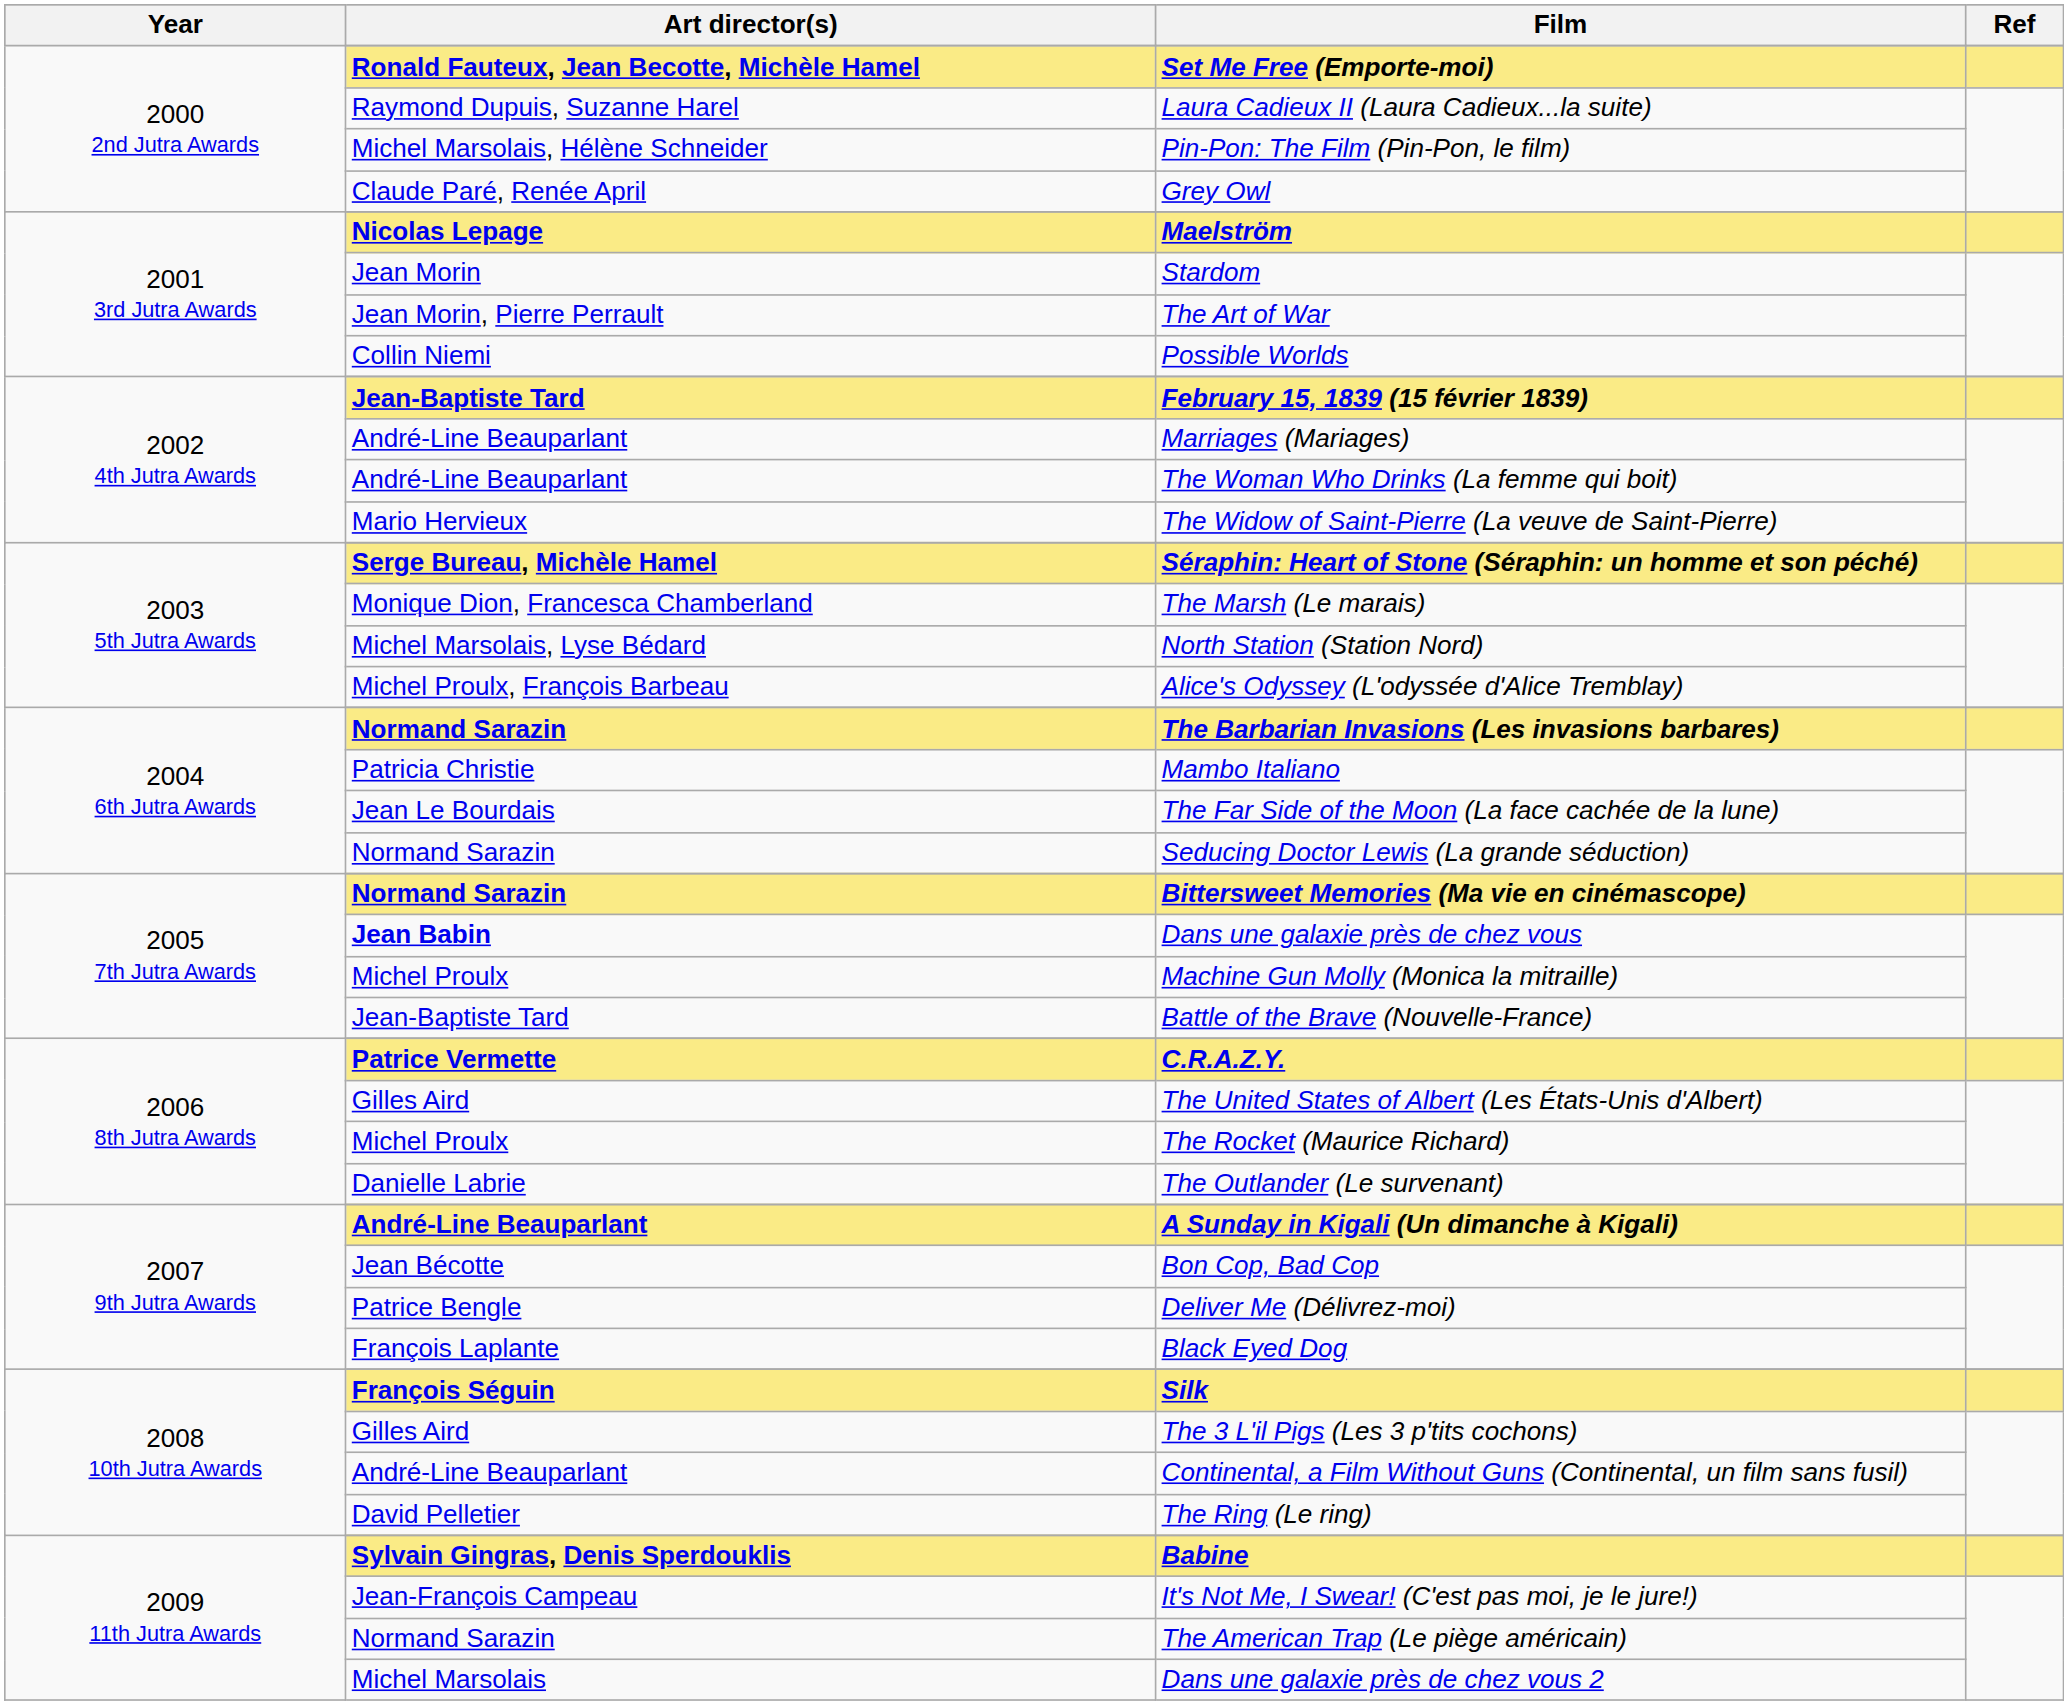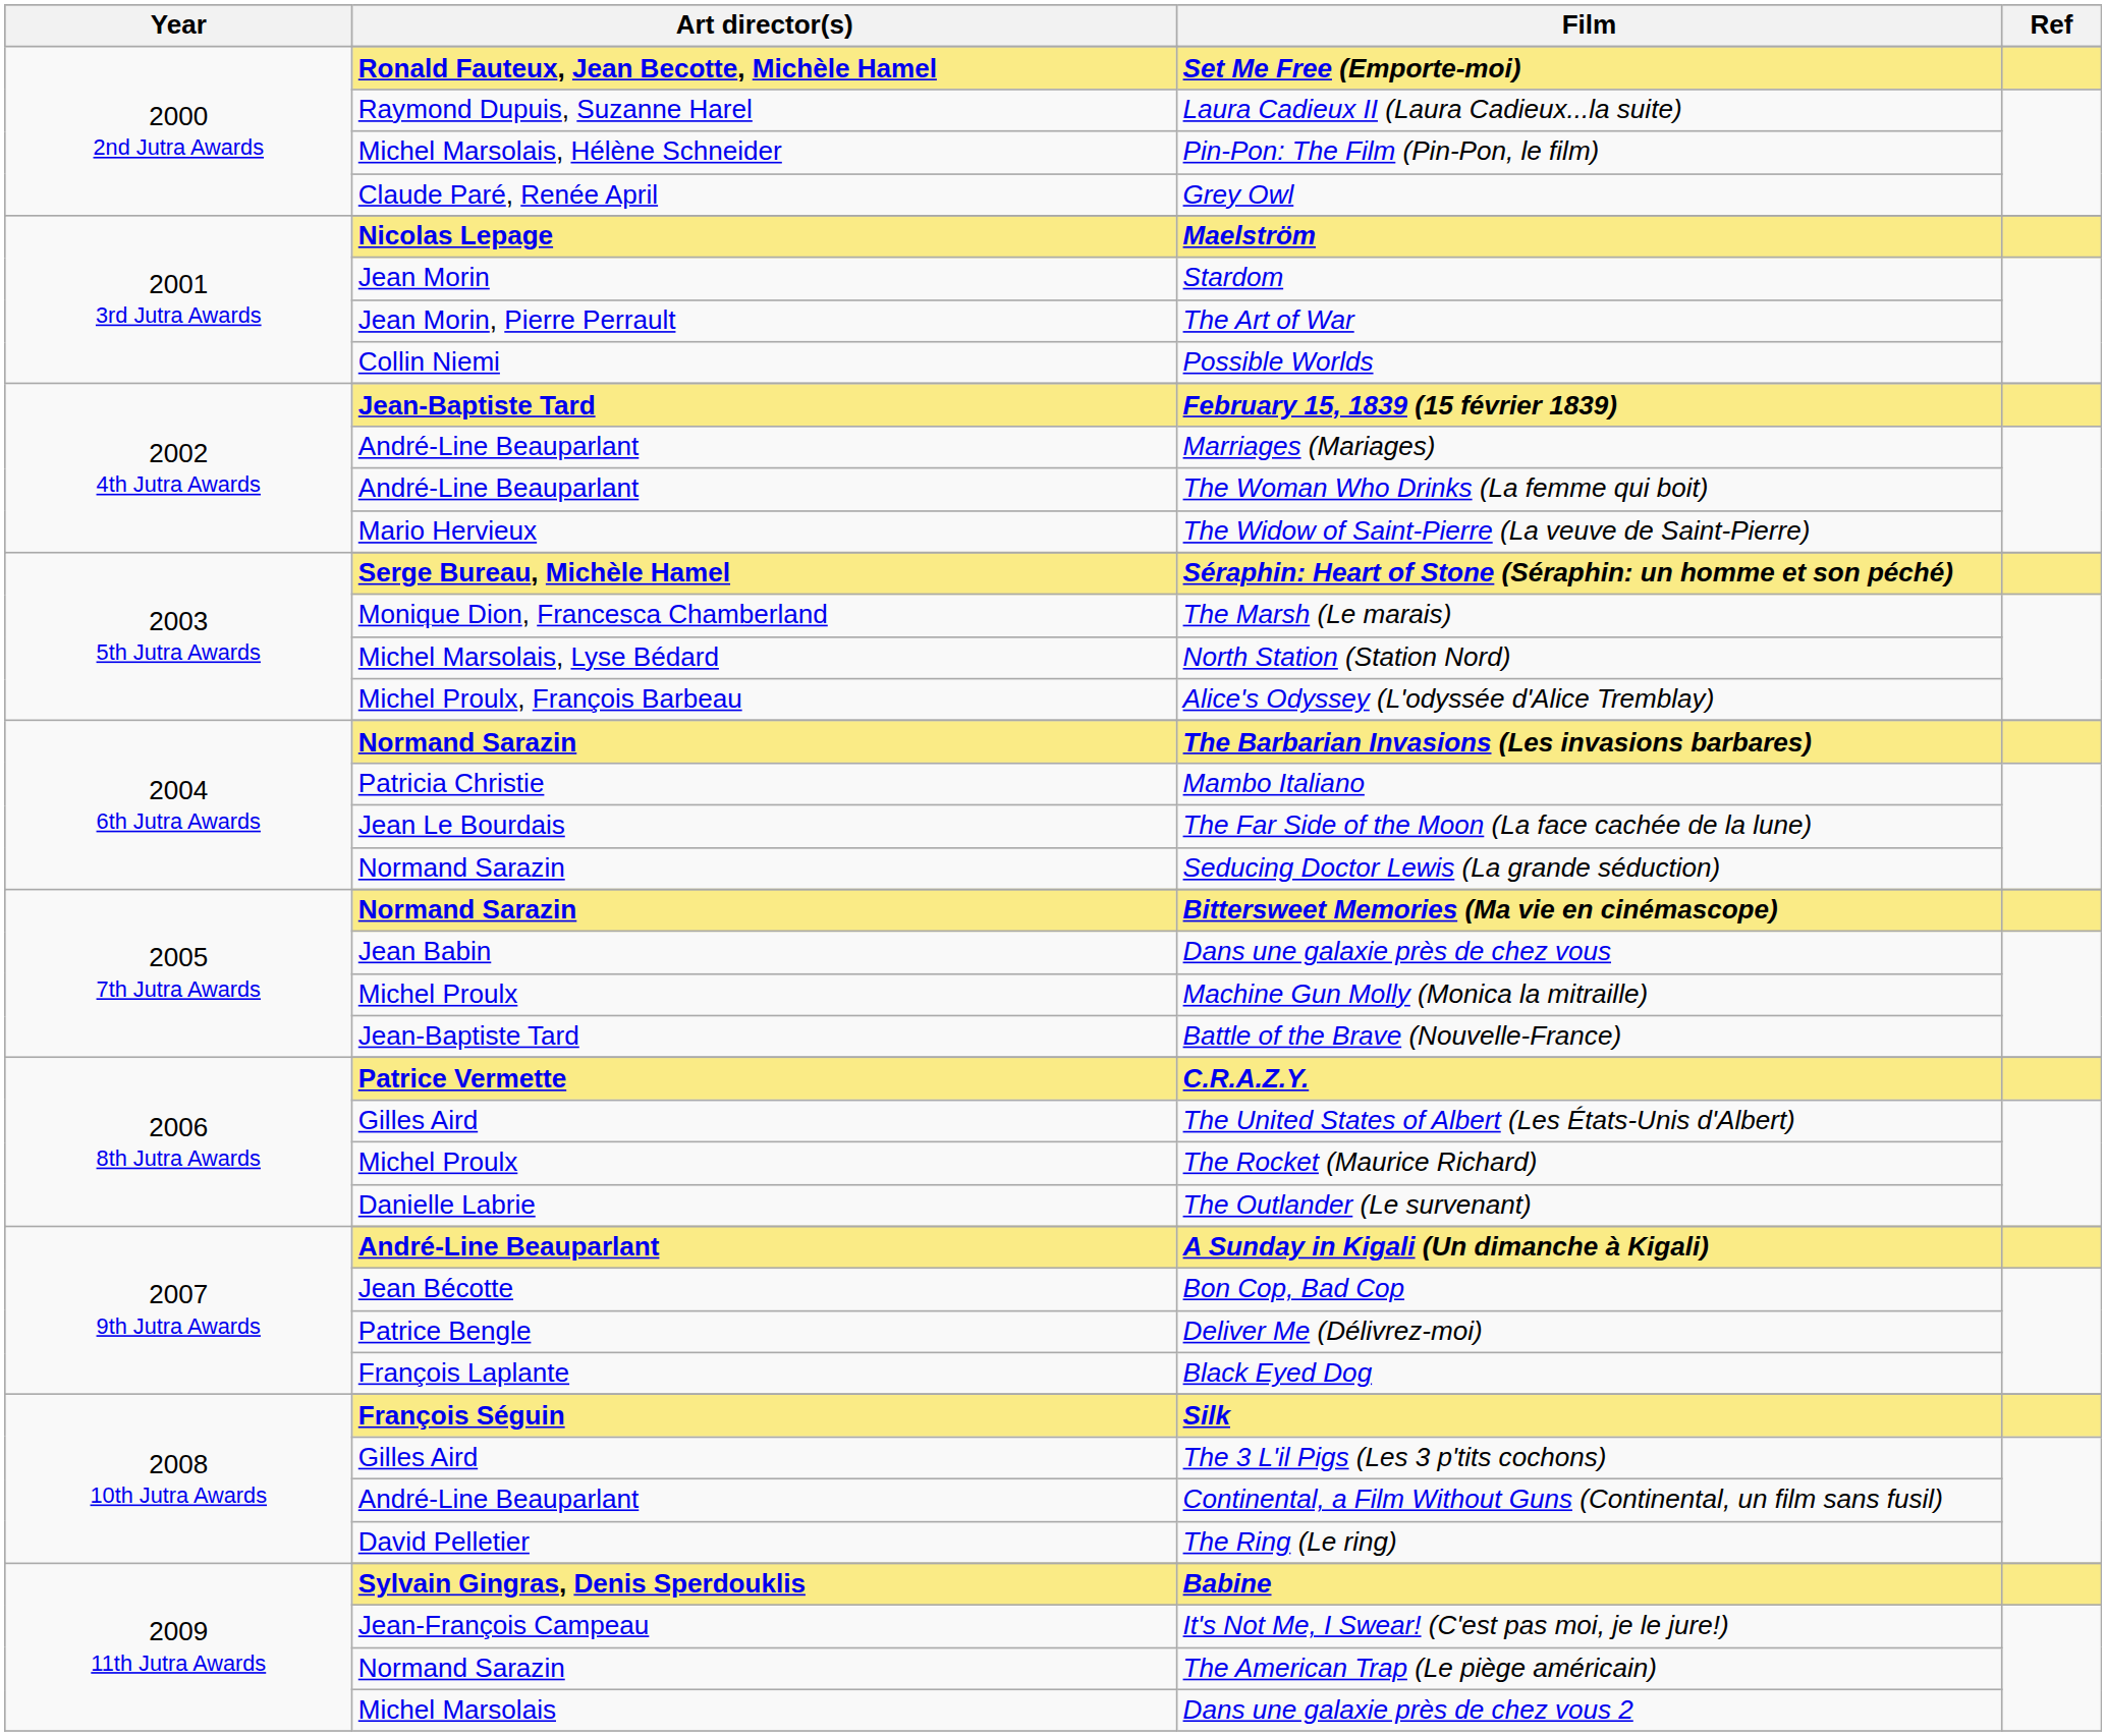 <table class="wikitable" style="width:100%;">
 <tr style="background:#bebebe;">
 <th style="width:8%;">Year</th>
 <th style="width:19%;">Art director(s)</th>
 <th style="width:19%;">Film</th>
 <th style="width:2%;">Ref</th>
 </tr>
 <tr>
 <td rowspan="5" align="center">2000<br> <small><a href='#'>2nd Jutra Awards</a></small></td>
 </tr>
 <tr style="background:#FAEB86">
 <td><strong><a href='#'>Ronald Fauteux</a>, <a href='#'>Jean Becotte</a>, <a href='#'>Michèle Hamel</a></strong></td>
 <td><strong><em><a href='#'>Set Me Free</a> (Emporte-moi)</em></strong></td>
 <td></td>
 </tr>
 <tr>
 <td><a href='#'>Raymond Dupuis</a>, <a href='#'>Suzanne Harel</a></td>
 <td><em><a href='#'>Laura Cadieux II</a> (Laura Cadieux...la suite)</em></td>
 <td rowspan=3></td>
 </tr>
 <tr>
 <td><a href='#'>Michel Marsolais</a>, <a href='#'>Hélène Schneider</a></td>
 <td><em><a href='#'>Pin-Pon: The Film</a> (Pin-Pon, le film)</em></td>
 </tr>
 <tr>
 <td><a href='#'>Claude Paré</a>, <a href='#'>Renée April</a></td>
 <td><em><a href='#'>Grey Owl</a></em></td>
 </tr>
 <tr>
 <td rowspan="5" align="center">2001<br> <small><a href='#'>3rd Jutra Awards</a></small></td>
 </tr>
 <tr style="background:#FAEB86">
 <td><strong><a href='#'>Nicolas Lepage</a></strong></td>
 <td><strong><em><a href='#'>Maelström</a></em></strong></td>
 <td></td>
 </tr>
 <tr>
 <td><a href='#'>Jean Morin</a></td>
 <td><em><a href='#'>Stardom</a></em></td>
 <td rowspan=3></td>
 </tr>
 <tr>
 <td><a href='#'>Jean Morin</a>, <a href='#'>Pierre Perrault</a></td>
 <td><em><a href='#'>The Art of War</a></em></td>
 </tr>
 <tr>
 <td><a href='#'>Collin Niemi</a></td>
 <td><em><a href='#'>Possible Worlds</a></em></td>
 </tr>
 <tr>
 <td rowspan="5" align="center">2002 <br> <small><a href='#'>4th Jutra Awards</a></small></td>
 </tr>
 <tr style="background:#FAEB86">
 <td><strong><a href='#'>Jean-Baptiste Tard</a></strong></td>
 <td><strong><em><a href='#'>February 15, 1839</a> (15 février 1839)</em></strong></td>
 <td></td>
 </tr>
 <tr>
 <td><a href='#'>André-Line Beauparlant</a></td>
 <td><em><a href='#'>Marriages</a> (Mariages)</em></td>
 <td rowspan=3></td>
 </tr>
 <tr>
 <td><a href='#'>André-Line Beauparlant</a></td>
 <td><em><a href='#'>The Woman Who Drinks</a> (La femme qui boit)</em></td>
 </tr>
 <tr>
 <td><a href='#'>Mario Hervieux</a></td>
 <td><em><a href='#'>The Widow of Saint-Pierre</a> (La veuve de Saint-Pierre)</em></td>
 </tr>
 <tr>
 <td rowspan="5" align="center">2003 <br> <small><a href='#'>5th Jutra Awards</a></small></td>
 </tr>
 <tr style="background:#FAEB86">
 <td><strong><a href='#'>Serge Bureau</a>, <a href='#'>Michèle Hamel</a></strong></td>
 <td><strong><em><a href='#'>Séraphin: Heart of Stone</a> (Séraphin: un homme et son péché)</em></strong></td>
 <td></td>
 </tr>
 <tr>
 <td><a href='#'>Monique Dion</a>, <a href='#'>Francesca Chamberland</a></td>
 <td><em><a href='#'>The Marsh</a> (Le marais)</em></td>
 <td rowspan=3></td>
 </tr>
 <tr>
 <td><a href='#'>Michel Marsolais</a>, <a href='#'>Lyse Bédard</a></td>
 <td><em><a href='#'>North Station</a> (Station Nord)</em></td>
 </tr>
 <tr>
 <td><a href='#'>Michel Proulx</a>, <a href='#'>François Barbeau</a></td>
 <td><em><a href='#'>Alice's Odyssey</a> (L'odyssée d'Alice Tremblay)</em></td>
 </tr>
 <tr>
 <td rowspan="5" align="center">2004 <br> <small><a href='#'>6th Jutra Awards</a></small></td>
 </tr>
 <tr style="background:#FAEB86">
 <td><strong><a href='#'>Normand Sarazin</a></strong></td>
 <td><strong><em><a href='#'>The Barbarian Invasions</a> (Les invasions barbares)</em></strong></td>
 <td></td>
 </tr>
 <tr>
 <td><a href='#'>Patricia Christie</a></td>
 <td><em><a href='#'>Mambo Italiano</a></em></td>
 <td rowspan=3></td>
 </tr>
 <tr>
 <td><a href='#'>Jean Le Bourdais</a></td>
 <td><em><a href='#'>The Far Side of the Moon</a> (La face cachée de la lune)</em></td>
 </tr>
 <tr>
 <td><a href='#'>Normand Sarazin</a></td>
 <td><em><a href='#'>Seducing Doctor Lewis</a> (La grande séduction)</em></td>
 </tr>
 <tr>
 <td rowspan="5" align="center">2005 <br> <small><a href='#'>7th Jutra Awards</a></small></td>
 </tr>
 <tr style="background:#FAEB86">
 <td><strong><a href='#'>Normand Sarazin</a></strong></td>
 <td><strong><em><a href='#'>Bittersweet Memories</a> (Ma vie en cinémascope)</em></strong></td>
 <td></td>
 </tr>
 <tr>
-<td><strong><a href='#'>Jean Babin</a></strong></td>
+<td><a href='#'>Jean Babin</a></td>
 <td><em><a href='#'>Dans une galaxie près de chez vous</a></em></td>
 <td rowspan=3></td>
 </tr>
 <tr>
 <td><a href='#'>Michel Proulx</a></td>
 <td><em><a href='#'>Machine Gun Molly</a> (Monica la mitraille)</em></td>
 </tr>
 <tr>
 <td><a href='#'>Jean-Baptiste Tard</a></td>
 <td><em><a href='#'>Battle of the Brave</a> (Nouvelle-France)</em></td>
 </tr>
 <tr>
 <td rowspan="5" align="center">2006 <br> <small><a href='#'>8th Jutra Awards</a></small></td>
 </tr>
 <tr style="background:#FAEB86">
 <td><strong><a href='#'>Patrice Vermette</a></strong></td>
 <td><strong><em><a href='#'>C.R.A.Z.Y.</a></em></strong></td>
 <td></td>
 </tr>
 <tr>
 <td><a href='#'>Gilles Aird</a></td>
 <td><em><a href='#'>The United States of Albert</a> (Les États-Unis d'Albert)</em></td>
 <td rowspan=3></td>
 </tr>
 <tr>
 <td><a href='#'>Michel Proulx</a></td>
 <td><em><a href='#'>The Rocket</a> (Maurice Richard)</em></td>
 </tr>
 <tr>
 <td><a href='#'>Danielle Labrie</a></td>
 <td><em><a href='#'>The Outlander</a> (Le survenant)</em></td>
 </tr>
 <tr>
 <td rowspan="5" align="center">2007 <br> <small><a href='#'>9th Jutra Awards</a></small></td>
 </tr>
 <tr style="background:#FAEB86">
 <td><strong><a href='#'>André-Line Beauparlant</a></strong></td>
 <td><strong><em><a href='#'>A Sunday in Kigali</a> (Un dimanche à Kigali)</em></strong></td>
 <td></td>
 </tr>
 <tr>
 <td><a href='#'>Jean Bécotte</a></td>
 <td><em><a href='#'>Bon Cop, Bad Cop</a></em></td>
 <td rowspan=3></td>
 </tr>
 <tr>
 <td><a href='#'>Patrice Bengle</a></td>
 <td><em><a href='#'>Deliver Me</a> (Délivrez-moi)</em></td>
 </tr>
 <tr>
 <td><a href='#'>François Laplante</a></td>
 <td><em><a href='#'>Black Eyed Dog</a></em></td>
 </tr>
 <tr>
 <td rowspan="5" align="center">2008 <br> <small><a href='#'>10th Jutra Awards</a></small></td>
 </tr>
 <tr style="background:#FAEB86">
 <td><strong><a href='#'>François Séguin</a></strong></td>
 <td><strong><em><a href='#'>Silk</a></em></strong></td>
 <td></td>
 </tr>
 <tr>
 <td><a href='#'>Gilles Aird</a></td>
 <td><em><a href='#'>The 3 L'il Pigs</a> (Les 3 p'tits cochons)</em></td>
 <td rowspan=3></td>
 </tr>
 <tr>
 <td><a href='#'>André-Line Beauparlant</a></td>
 <td><em><a href='#'>Continental, a Film Without Guns</a> (Continental, un film sans fusil)</em></td>
 </tr>
 <tr>
 <td><a href='#'>David Pelletier</a></td>
 <td><em><a href='#'>The Ring</a> (Le ring)</em></td>
 </tr>
 <tr>
 <td rowspan="5" align="center">2009 <br> <small><a href='#'>11th Jutra Awards</a></small></td>
 </tr>
 <tr style="background:#FAEB86">
 <td><strong><a href='#'>Sylvain Gingras</a>, <a href='#'>Denis Sperdouklis</a></strong></td>
 <td><strong><em><a href='#'>Babine</a></em></strong></td>
 <td></td>
 </tr>
 <tr>
 <td><a href='#'>Jean-François Campeau</a></td>
 <td><em><a href='#'>It's Not Me, I Swear!</a> (C'est pas moi, je le jure!)</em></td>
 <td rowspan=3></td>
 </tr>
 <tr>
 <td><a href='#'>Normand Sarazin</a></td>
 <td><em><a href='#'>The American Trap</a> (Le piège américain)</em></td>
 </tr>
 <tr>
 <td><a href='#'>Michel Marsolais</a></td>
 <td><em><a href='#'>Dans une galaxie près de chez vous 2</a></em></td>
 </tr>
 </table>
